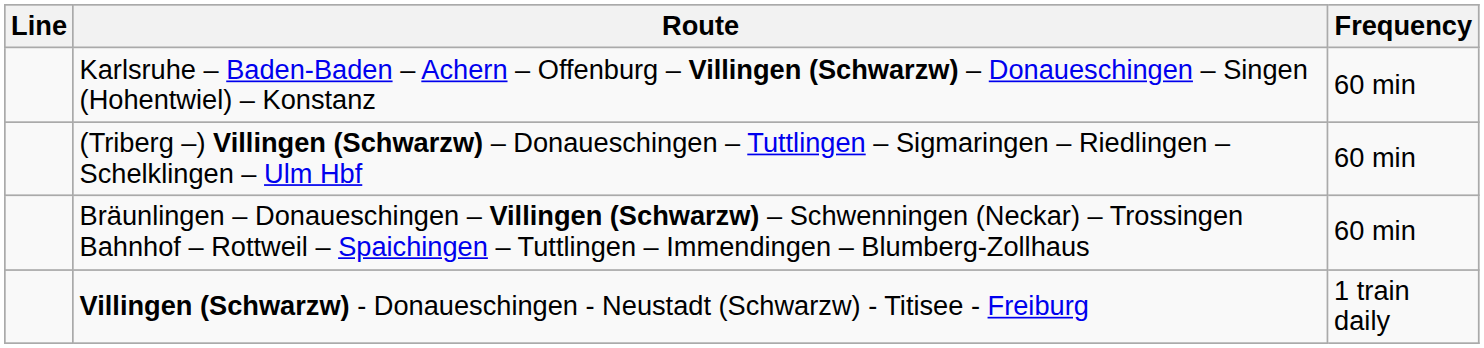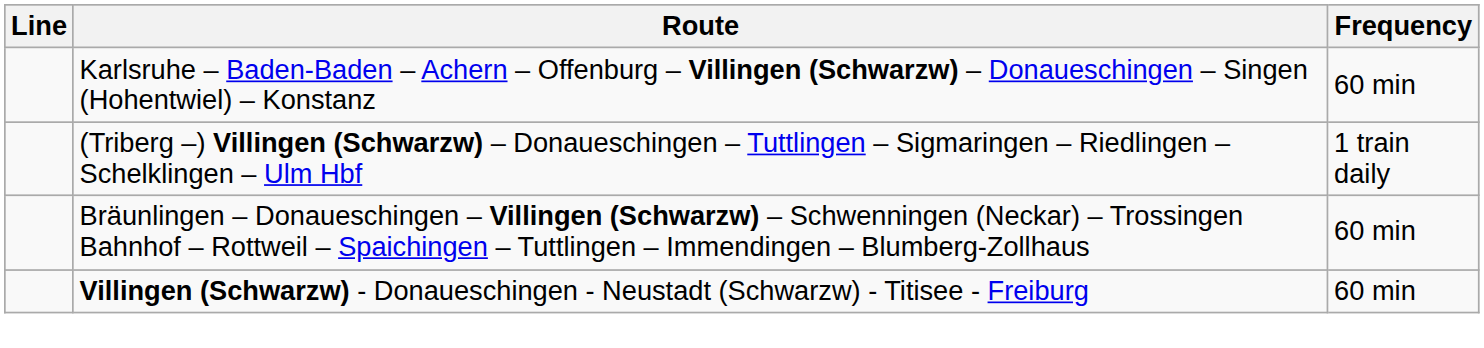 <table class="wikitable">
 <tr>
 <th>Line</th>
 <th>Route</th>
 <th>Frequency</th>
 </tr>
 <tr>
 <td align="center"></td>
 <td>Karlsruhe – <a href='#'>Baden-Baden</a> – <a href='#'>Achern</a> – Offenburg – <strong>Villingen (Schwarzw)</strong> – <a href='#'>Donaueschingen</a> – Singen (Hohentwiel) – Konstanz</td>
 <td>60 min</td>
 </tr>
 <tr>
 <td align="center"></td>
 <td>(Triberg –) <strong>Villingen (Schwarzw)</strong> – Donaueschingen – <a href='#'>Tuttlingen</a> – Sigmaringen – Riedlingen – Schelklingen – <a href='#'>Ulm Hbf</a></td>
-<td>60 min</td>
+<td>1 train daily</td>
 </tr>
 <tr>
 <td align="center"></td>
 <td>Bräunlingen – Donaueschingen –<strong> Villingen (Schwarzw)</strong> – Schwenningen (Neckar) – Trossingen Bahnhof – Rottweil –  <a href='#'>Spaichingen</a> – Tuttlingen – Immendingen – Blumberg-Zollhaus</td>
 <td>60 min</td>
 </tr>
 <tr>
 <td align="center"></td>
 <td><strong>Villingen (Schwarzw)</strong> - Donaueschingen - Neustadt (Schwarzw) - Titisee - <a href='#'>Freiburg</a></td>
-<td>1 train daily</td>
+<td>60 min</td>
 </tr>
 </table>
